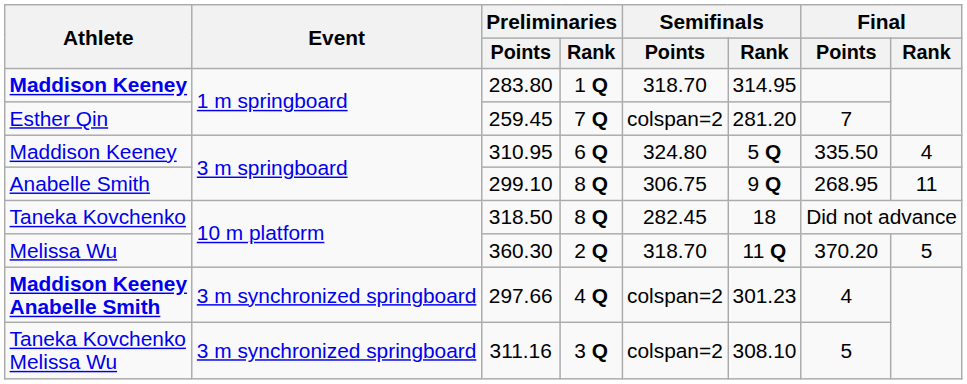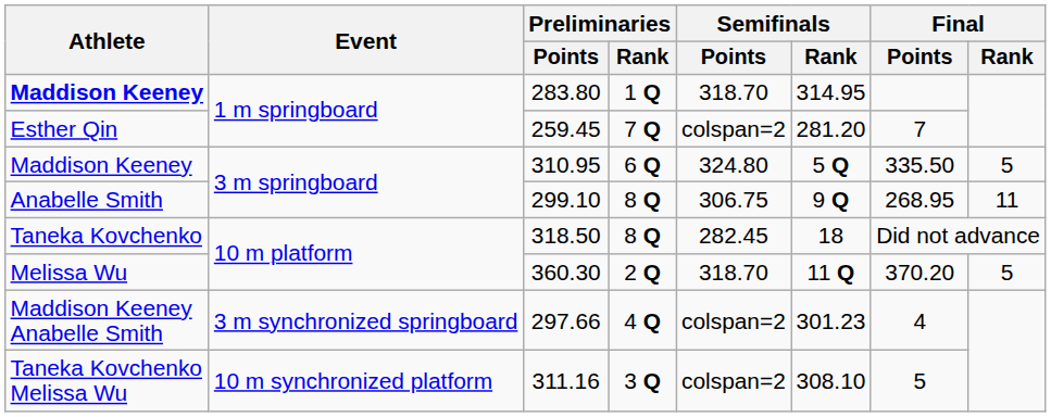 <table class=wikitable style="font-size:90%;">
 <tr>
 <th rowspan="2">Athlete</th>
 <th rowspan="2">Event</th>
 <th colspan="2">Preliminaries</th>
 <th colspan="2">Semifinals</th>
 <th colspan="2">Final</th>
 </tr>
 <tr style="font-size:95%">
 <th>Points</th>
 <th>Rank</th>
 <th>Points</th>
 <th>Rank</th>
 <th>Points</th>
 <th>Rank</th>
 </tr>
 <tr align=center>
 <td align=left><strong><a href='#'>Maddison Keeney</a></strong></td>
 <td align=left rowspan=2><a href='#'>1 m springboard</a></td>
 <td>283.80</td>
 <td>1 <strong>Q</strong></td>
 <td>318.70</td>
 <td>314.95</td>
 <td></td>
 </tr>
 <tr align=center>
 <td align=left><a href='#'>Esther Qin</a></td>
 <td>259.45</td>
 <td>7 <strong>Q</strong></td>
 <td>colspan=2 </td>
 <td>281.20</td>
 <td>7</td>
 </tr>
 <tr align=center>
 <td align=left><a href='#'>Maddison Keeney</a></td>
 <td align=left rowspan=2><a href='#'>3 m springboard</a></td>
 <td>310.95</td>
 <td>6 <strong>Q</strong></td>
 <td>324.80</td>
 <td>5 <strong>Q</strong></td>
 <td>335.50</td>
-<td>4</td>
+<td>5</td>
 </tr>
 <tr align=center>
 <td align=left><a href='#'>Anabelle Smith</a></td>
 <td>299.10</td>
 <td>8 <strong>Q</strong></td>
 <td>306.75</td>
 <td>9 <strong>Q</strong></td>
 <td>268.95</td>
 <td>11</td>
 </tr>
 <tr align=center>
 <td align=left><a href='#'>Taneka Kovchenko</a></td>
 <td align=left rowspan=2><a href='#'>10 m platform</a></td>
 <td>318.50</td>
 <td>8 <strong>Q</strong></td>
 <td>282.45</td>
 <td>18</td>
 <td colspan=2>Did not advance</td>
 </tr>
 <tr align=center>
 <td align=left><a href='#'>Melissa Wu</a></td>
 <td>360.30</td>
 <td>2 <strong>Q</strong></td>
 <td>318.70</td>
 <td>11 <strong>Q</strong></td>
 <td>370.20</td>
 <td>5</td>
 </tr>
 <tr align=center>
-<td align=left><strong><a href='#'>Maddison Keeney</a><br><a href='#'>Anabelle Smith</a></strong></td>
+<td align=left><a href='#'>Maddison Keeney</a><br><a href='#'>Anabelle Smith</a></td>
 <td align=left><a href='#'>3 m synchronized springboard</a></td>
 <td>297.66</td>
 <td>4 <strong>Q</strong></td>
 <td>colspan=2 </td>
 <td>301.23</td>
 <td>4</td>
 </tr>
 <tr align=center>
 <td align=left><a href='#'>Taneka Kovchenko</a><br><a href='#'>Melissa Wu</a></td>
-<td align=left><a href='#'>3 m synchronized springboard</a></td>
+<td align=left><a href='#'>10 m synchronized platform</a></td>
 <td>311.16</td>
 <td>3 <strong>Q</strong></td>
 <td>colspan=2 </td>
 <td>308.10</td>
 <td>5</td>
 </tr>
 </table>
